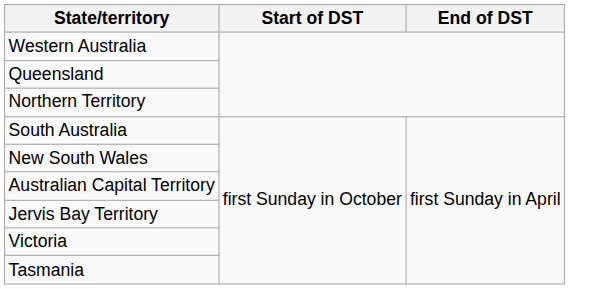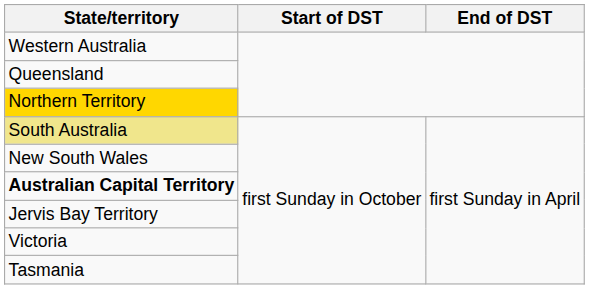 <table class="wikitable">
 <tr>
 <th>State/territory</th>
 <th>Start of DST</th>
 <th>End of DST</th>
 </tr>
 <tr>
 <td>Western Australia</td>
 <td colspan=2 rowspan=3></td>
 </tr>
 <tr>
 <td>Queensland</td>
 </tr>
 <tr>
-<td>Northern Territory</td>
+<td style="background: gold;">Northern Territory</td>
 </tr>
 <tr>
-<td>South Australia</td>
+<td style="background: khaki;">South Australia</td>
 <td rowspan="6">first Sunday in October</td>
 <td rowspan="6">first Sunday in April</td>
 </tr>
 <tr>
 <td>New South Wales</td>
 </tr>
 <tr>
-<td>Australian Capital Territory</td>
+<td><strong>Australian Capital Territory</strong></td>
 </tr>
 <tr>
 <td>Jervis Bay Territory</td>
 </tr>
 <tr>
 <td>Victoria</td>
 </tr>
 <tr>
 <td>Tasmania</td>
 </tr>
 </table>
